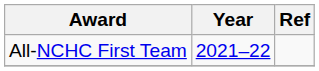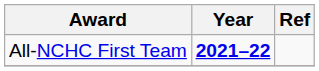 <table class="wikitable">
 <tr>
 <th>Award</th>
 <th>Year</th>
 <th>Ref</th>
 </tr>
 <tr>
 <td>All-<a href='#'>NCHC First Team</a></td>
-<td><a href='#'>2021–22</a></td>
+<td><strong><a href='#'>2021–22</a></strong></td>
 <td></td>
 </tr>
 <tr>
 </tr>
 </table>
